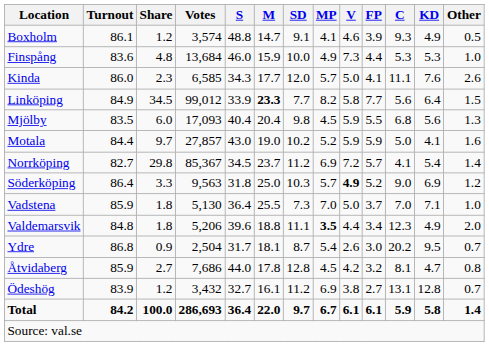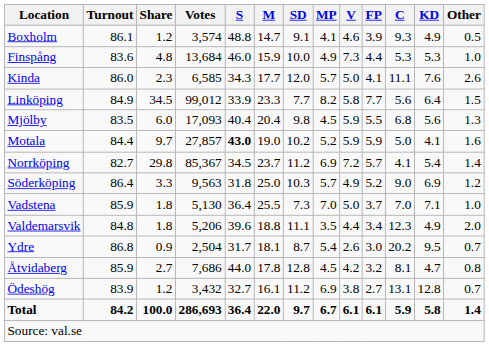 <table class="wikitable sortable" style=text-align:right>
 <tr>
 <th>Location</th>
 <th>Turnout</th>
 <th>Share</th>
 <th>Votes</th>
 <th><a href='#'>S</a></th>
 <th><a href='#'>M</a></th>
 <th><a href='#'>SD</a></th>
 <th><a href='#'>MP</a></th>
 <th><a href='#'>V</a></th>
 <th><a href='#'>FP</a></th>
 <th><a href='#'>C</a></th>
 <th><a href='#'>KD</a></th>
 <th>Other</th>
 </tr>
 <tr>
 <td align=left><a href='#'>Boxholm</a></td>
 <td>86.1</td>
 <td>1.2</td>
 <td>3,574</td>
 <td>48.8</td>
 <td>14.7</td>
 <td>9.1</td>
 <td>4.1</td>
 <td>4.6</td>
 <td>3.9</td>
 <td>9.3</td>
 <td>4.9</td>
 <td>0.5</td>
 </tr>
 <tr>
 <td align=left><a href='#'>Finspång</a></td>
 <td>83.6</td>
 <td>4.8</td>
 <td>13,684</td>
 <td>46.0</td>
 <td>15.9</td>
 <td>10.0</td>
 <td>4.9</td>
 <td>7.3</td>
 <td>4.4</td>
 <td>5.3</td>
 <td>5.3</td>
 <td>1.0</td>
 </tr>
 <tr>
 <td align=left><a href='#'>Kinda</a></td>
 <td>86.0</td>
 <td>2.3</td>
 <td>6,585</td>
 <td>34.3</td>
 <td>17.7</td>
 <td>12.0</td>
 <td>5.7</td>
 <td>5.0</td>
 <td>4.1</td>
 <td>11.1</td>
 <td>7.6</td>
 <td>2.6</td>
 </tr>
 <tr>
 <td align=left><a href='#'>Linköping</a></td>
 <td>84.9</td>
 <td>34.5</td>
 <td>99,012</td>
 <td>33.9</td>
-<td><strong>23.3</strong></td>
+<td>23.3</td>
 <td>7.7</td>
 <td>8.2</td>
 <td>5.8</td>
 <td>7.7</td>
 <td>5.6</td>
 <td>6.4</td>
 <td>1.5</td>
 </tr>
 <tr>
 <td align=left><a href='#'>Mjölby</a></td>
 <td>83.5</td>
 <td>6.0</td>
 <td>17,093</td>
 <td>40.4</td>
 <td>20.4</td>
 <td>9.8</td>
 <td>4.5</td>
 <td>5.9</td>
 <td>5.5</td>
 <td>6.8</td>
 <td>5.6</td>
 <td>1.3</td>
 </tr>
 <tr>
 <td align=left><a href='#'>Motala</a></td>
 <td>84.4</td>
 <td>9.7</td>
 <td>27,857</td>
-<td>43.0</td>
+<td><strong>43.0</strong></td>
 <td>19.0</td>
 <td>10.2</td>
 <td>5.2</td>
 <td>5.9</td>
 <td>5.9</td>
 <td>5.0</td>
 <td>4.1</td>
 <td>1.6</td>
 </tr>
 <tr>
 <td align=left><a href='#'>Norrköping</a></td>
 <td>82.7</td>
 <td>29.8</td>
 <td>85,367</td>
 <td>34.5</td>
 <td>23.7</td>
 <td>11.2</td>
 <td>6.9</td>
 <td>7.2</td>
 <td>5.7</td>
 <td>4.1</td>
 <td>5.4</td>
 <td>1.4</td>
 </tr>
 <tr>
 <td align=left><a href='#'>Söderköping</a></td>
 <td>86.4</td>
 <td>3.3</td>
 <td>9,563</td>
 <td>31.8</td>
 <td>25.0</td>
 <td>10.3</td>
 <td>5.7</td>
-<td><strong>4.9</strong></td>
+<td>4.9</td>
 <td>5.2</td>
 <td>9.0</td>
 <td>6.9</td>
 <td>1.2</td>
 </tr>
 <tr>
 <td align=left><a href='#'>Vadstena</a></td>
 <td>85.9</td>
 <td>1.8</td>
 <td>5,130</td>
 <td>36.4</td>
 <td>25.5</td>
 <td>7.3</td>
 <td>7.0</td>
 <td>5.0</td>
 <td>3.7</td>
 <td>7.0</td>
 <td>7.1</td>
 <td>1.0</td>
 </tr>
 <tr>
 <td align=left><a href='#'>Valdemarsvik</a></td>
 <td>84.8</td>
 <td>1.8</td>
 <td>5,206</td>
 <td>39.6</td>
 <td>18.8</td>
 <td>11.1</td>
-<td><strong>3.5</strong></td>
+<td>3.5</td>
 <td>4.4</td>
 <td>3.4</td>
 <td>12.3</td>
 <td>4.9</td>
 <td>2.0</td>
 </tr>
 <tr>
 <td align=left><a href='#'>Ydre</a></td>
 <td>86.8</td>
 <td>0.9</td>
 <td>2,504</td>
 <td>31.7</td>
 <td>18.1</td>
 <td>8.7</td>
 <td>5.4</td>
 <td>2.6</td>
 <td>3.0</td>
 <td>20.2</td>
 <td>9.5</td>
 <td>0.7</td>
 </tr>
 <tr>
 <td align=left><a href='#'>Åtvidaberg</a></td>
 <td>85.9</td>
 <td>2.7</td>
 <td>7,686</td>
 <td>44.0</td>
 <td>17.8</td>
 <td>12.8</td>
 <td>4.5</td>
 <td>4.2</td>
 <td>3.2</td>
 <td>8.1</td>
 <td>4.7</td>
 <td>0.8</td>
 </tr>
 <tr>
 <td align=left><a href='#'>Ödeshög</a></td>
 <td>83.9</td>
 <td>1.2</td>
 <td>3,432</td>
 <td>32.7</td>
 <td>16.1</td>
 <td>11.2</td>
 <td>6.9</td>
 <td>3.8</td>
 <td>2.7</td>
 <td>13.1</td>
 <td>12.8</td>
 <td>0.7</td>
 </tr>
 <tr>
 <td align=left><strong>Total</strong></td>
 <td><strong>84.2</strong></td>
 <td><strong>100.0</strong></td>
 <td><strong>286,693</strong></td>
 <td><strong>36.4</strong></td>
 <td><strong>22.0</strong></td>
 <td><strong>9.7</strong></td>
 <td><strong>6.7</strong></td>
 <td><strong>6.1</strong></td>
 <td><strong>6.1</strong></td>
 <td><strong>5.9</strong></td>
 <td><strong>5.8</strong></td>
 <td><strong>1.4</strong></td>
 </tr>
 <tr>
 <td align=left colspan=13>Source: val.se</td>
 </tr>
 </table>
